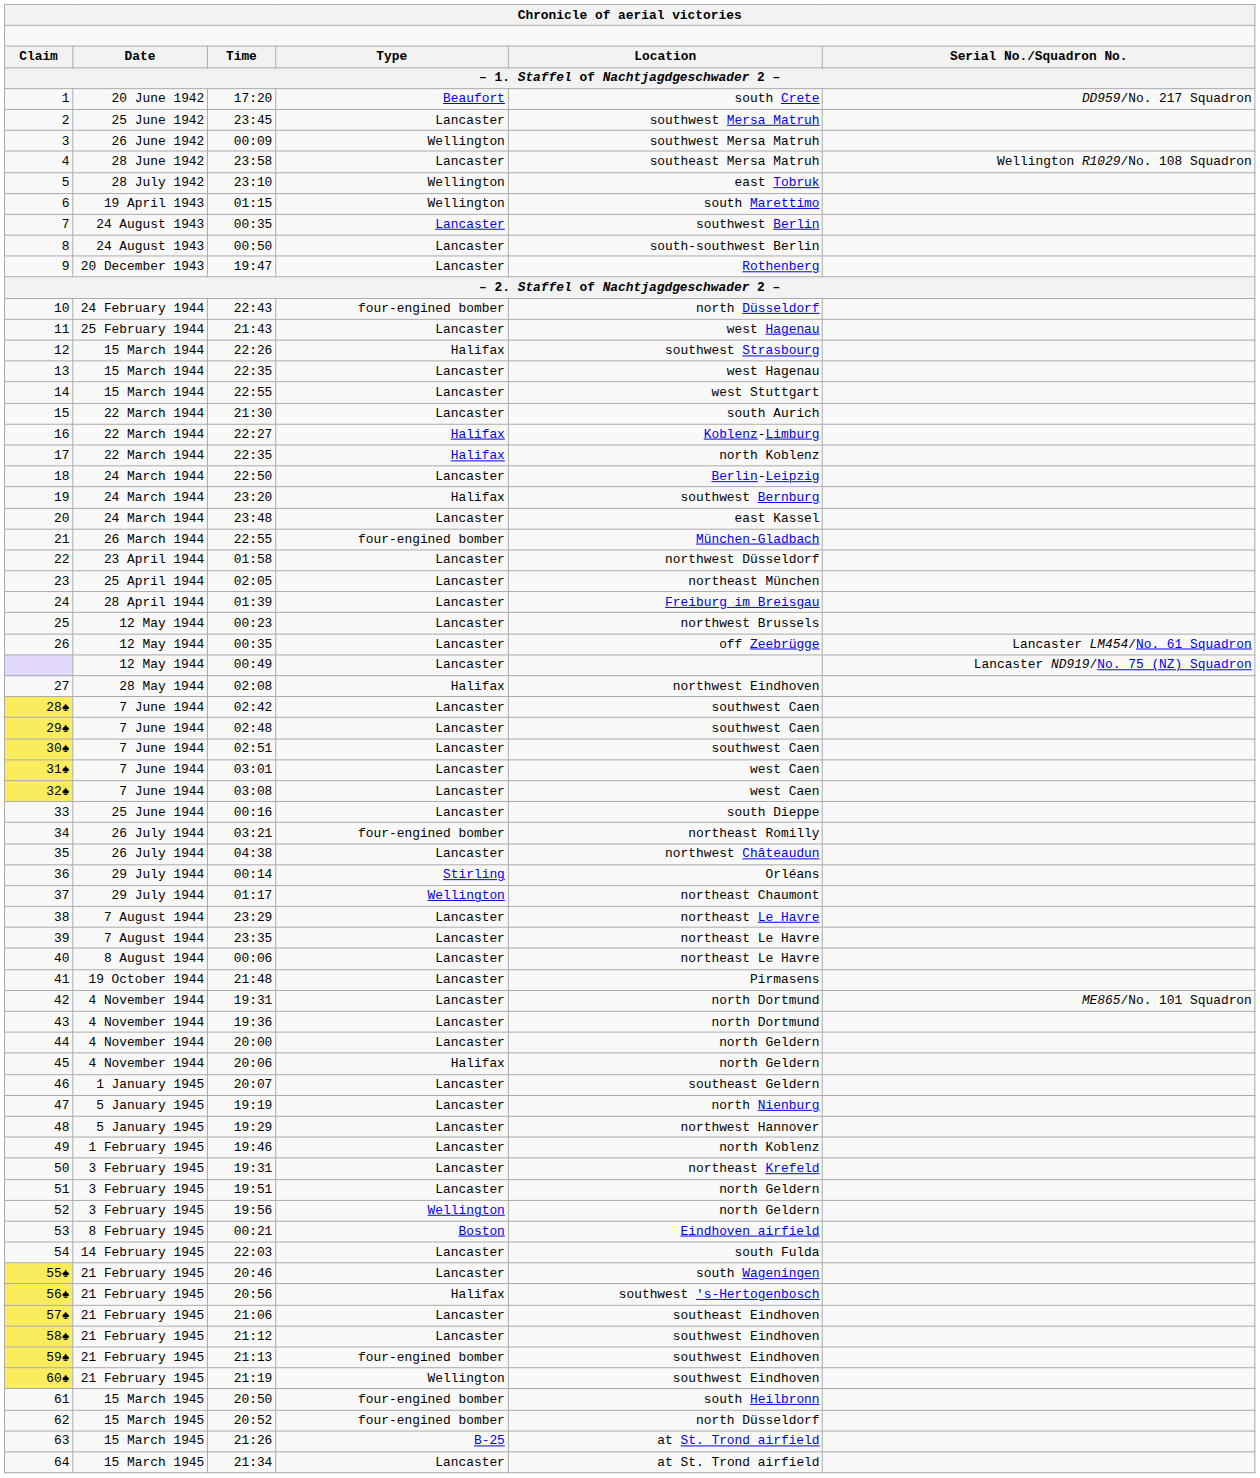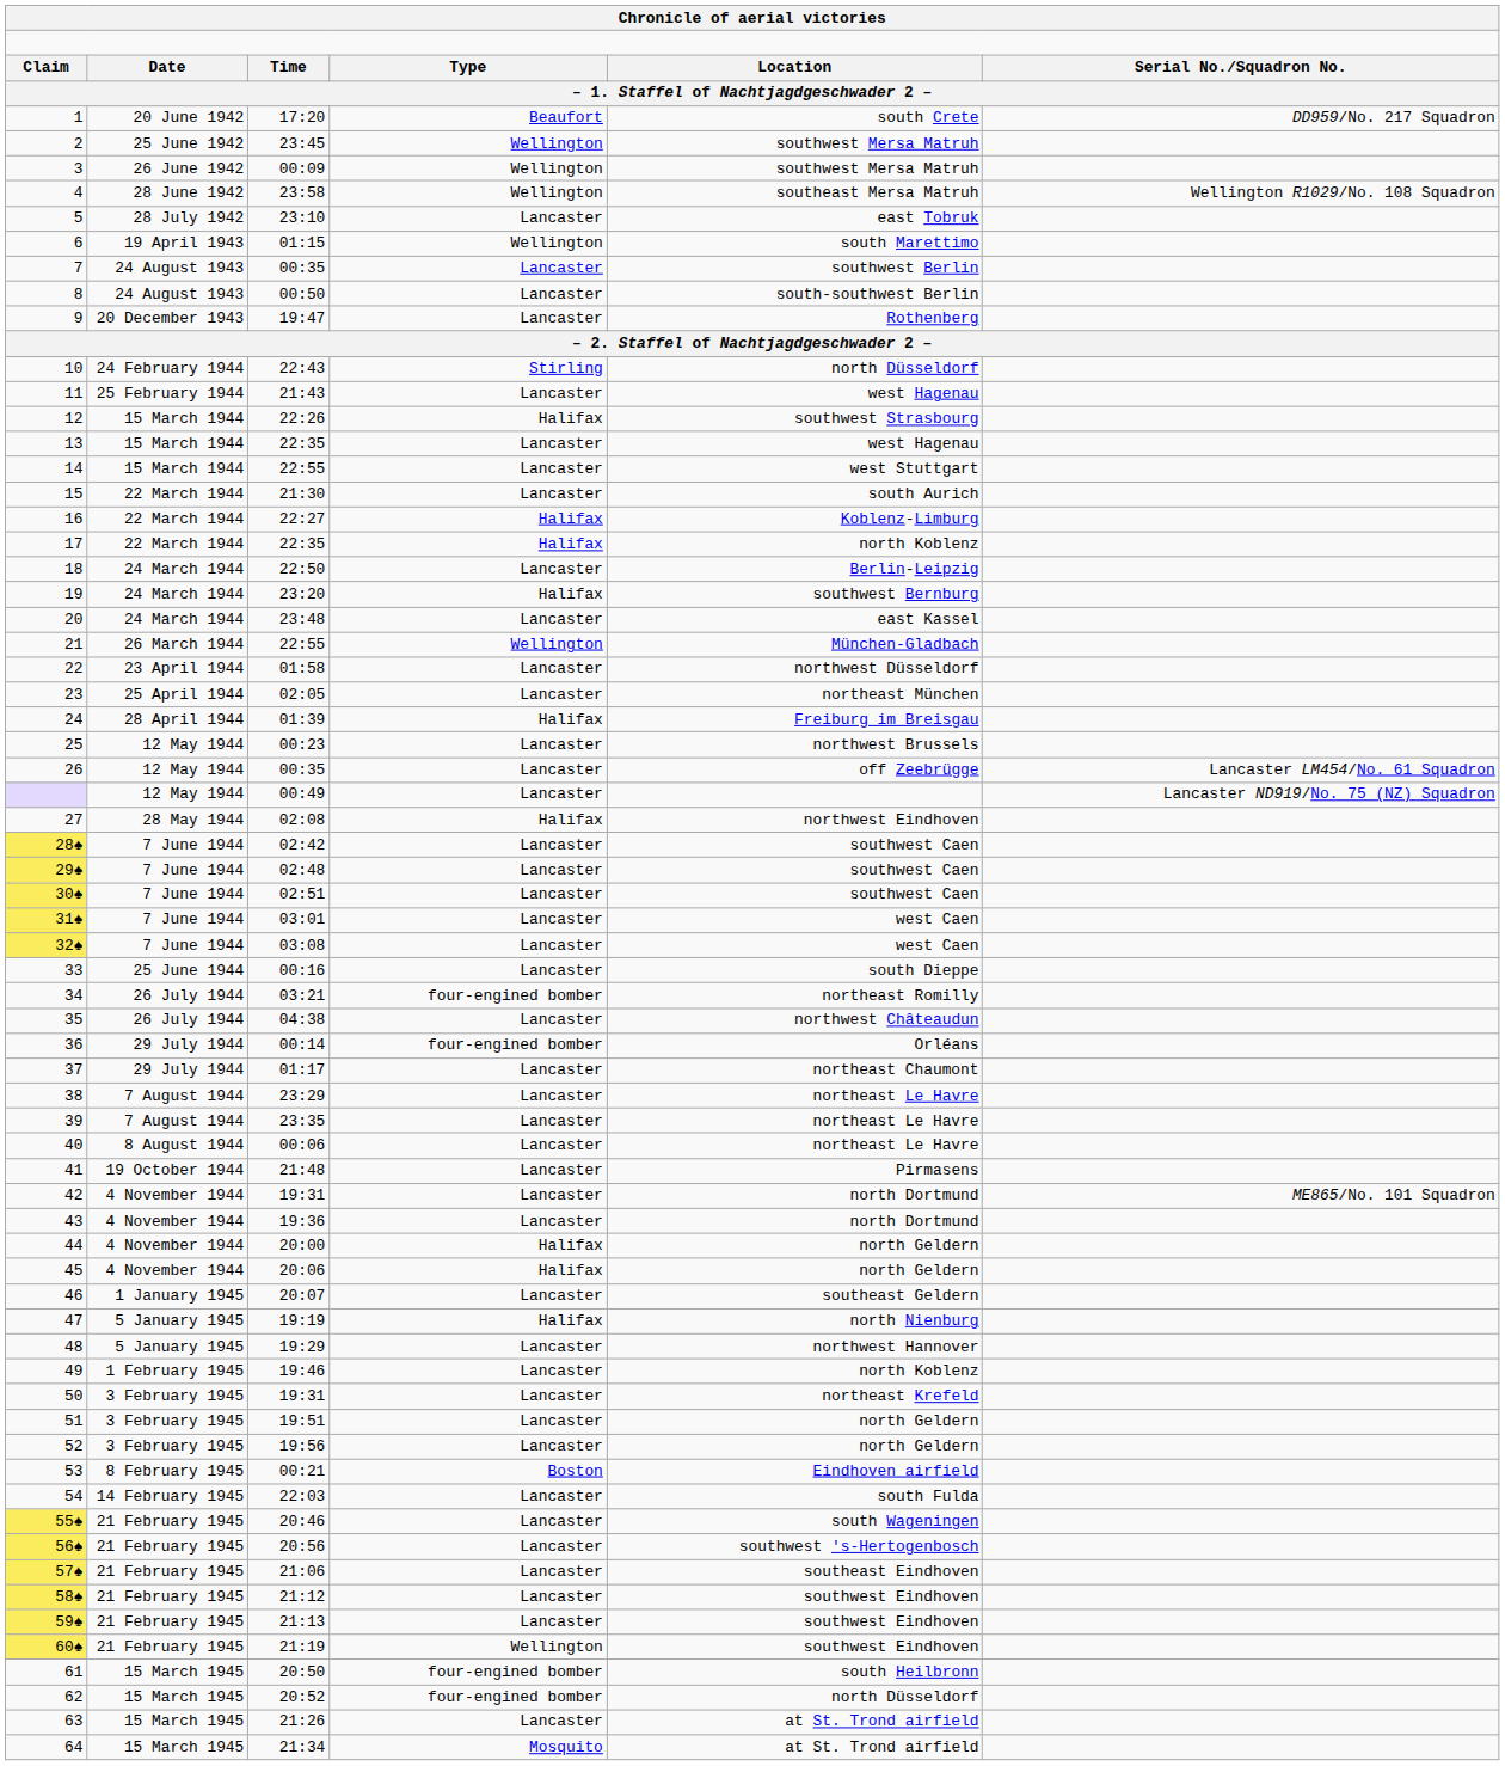 <table class="wikitable plainrowheaders collapsible" style="margin-left: auto; margin-right: auto; border: none; text-align:right; width: 100%;">
 <tr>
 <th colspan="7">Chronicle of aerial victories</th>
 </tr>
 <tr>
 <td colspan="7" style="text-align: left;"><br> </td>
 </tr>
 <tr>
 <th scope="col">Claim</th>
 <th scope="col" style="width:130px">Date</th>
 <th scope="col">Time</th>
 <th scope="col">Type</th>
 <th scope="col">Location</th>
 <th scope="col">Serial No./Squadron No.</th>
 </tr>
 <tr>
 <th colspan="6">– 1. <em>Staffel</em> of <em>Nachtjagdgeschwader</em> 2 –</th>
 </tr>
 <tr>
 <td>1</td>
 <td>20 June 1942</td>
 <td>17:20</td>
 <td><a href='#'>Beaufort</a></td>
 <td>south <a href='#'>Crete</a></td>
 <td><em>DD959</em>/No. 217 Squadron</td>
 </tr>
 <tr>
 <td>2</td>
 <td>25 June 1942</td>
 <td>23:45</td>
-<td>Lancaster</td>
+<td><a href='#'>Wellington</a></td>
 <td> southwest <a href='#'>Mersa Matruh</a></td>
 <td></td>
 </tr>
 <tr>
 <td>3</td>
 <td>26 June 1942</td>
 <td>00:09</td>
 <td>Wellington</td>
 <td> southwest Mersa Matruh</td>
 <td></td>
 </tr>
 <tr>
 <td>4</td>
 <td>28 June 1942</td>
 <td>23:58</td>
-<td>Lancaster</td>
+<td>Wellington</td>
 <td> southeast Mersa Matruh</td>
 <td>Wellington <em>R1029</em>/No. 108 Squadron</td>
 </tr>
 <tr>
 <td>5</td>
 <td>28 July 1942</td>
 <td>23:10</td>
-<td>Wellington</td>
+<td>Lancaster</td>
 <td>east <a href='#'>Tobruk</a></td>
 <td></td>
 </tr>
 <tr>
 <td>6</td>
 <td>19 April 1943</td>
 <td>01:15</td>
 <td>Wellington</td>
 <td>south <a href='#'>Marettimo</a></td>
 <td></td>
 </tr>
 <tr>
 <td>7</td>
 <td>24 August 1943</td>
 <td>00:35</td>
 <td><a href='#'>Lancaster</a></td>
 <td> southwest <a href='#'>Berlin</a></td>
 <td></td>
 </tr>
 <tr>
 <td>8</td>
 <td>24 August 1943</td>
 <td>00:50</td>
 <td>Lancaster</td>
 <td> south-southwest Berlin</td>
 <td></td>
 </tr>
 <tr>
 <td>9</td>
 <td>20 December 1943</td>
 <td>19:47</td>
 <td>Lancaster</td>
 <td><a href='#'>Rothenberg</a></td>
 <td></td>
 </tr>
 <tr>
 <th colspan="6">– 2. <em>Staffel</em> of <em>Nachtjagdgeschwader</em> 2 –</th>
 </tr>
 <tr>
 <td>10</td>
 <td>24 February 1944</td>
 <td>22:43</td>
-<td>four-engined bomber</td>
+<td><a href='#'>Stirling</a></td>
 <td>north <a href='#'>Düsseldorf</a></td>
 <td></td>
 </tr>
 <tr>
 <td>11</td>
 <td>25 February 1944</td>
 <td>21:43</td>
 <td>Lancaster</td>
 <td>west <a href='#'>Hagenau</a></td>
 <td></td>
 </tr>
 <tr>
 <td>12</td>
 <td>15 March 1944</td>
 <td>22:26</td>
 <td>Halifax</td>
 <td> southwest <a href='#'>Strasbourg</a></td>
 <td></td>
 </tr>
 <tr>
 <td>13</td>
 <td>15 March 1944</td>
 <td>22:35</td>
 <td>Lancaster</td>
 <td>west Hagenau</td>
 <td></td>
 </tr>
 <tr>
 <td>14</td>
 <td>15 March 1944</td>
 <td>22:55</td>
 <td>Lancaster</td>
 <td>west Stuttgart</td>
 <td></td>
 </tr>
 <tr>
 <td>15</td>
 <td>22 March 1944</td>
 <td>21:30</td>
 <td>Lancaster</td>
 <td>south Aurich</td>
 <td></td>
 </tr>
 <tr>
 <td>16</td>
 <td>22 March 1944</td>
 <td>22:27</td>
 <td><a href='#'>Halifax</a></td>
 <td><a href='#'>Koblenz</a>-<a href='#'>Limburg</a></td>
 <td></td>
 </tr>
 <tr>
 <td>17</td>
 <td>22 March 1944</td>
 <td>22:35</td>
 <td><a href='#'>Halifax</a></td>
 <td>north Koblenz</td>
 <td></td>
 </tr>
 <tr>
 <td>18</td>
 <td>24 March 1944</td>
 <td>22:50</td>
 <td>Lancaster</td>
 <td><a href='#'>Berlin</a>-<a href='#'>Leipzig</a></td>
 <td></td>
 </tr>
 <tr>
 <td>19</td>
 <td>24 March 1944</td>
 <td>23:20</td>
 <td>Halifax</td>
 <td>southwest <a href='#'>Bernburg</a></td>
 <td></td>
 </tr>
 <tr>
 <td>20</td>
 <td>24 March 1944</td>
 <td>23:48</td>
 <td>Lancaster</td>
 <td>east Kassel</td>
 <td></td>
 </tr>
 <tr>
 <td>21</td>
 <td>26 March 1944</td>
 <td>22:55</td>
-<td>four-engined bomber</td>
+<td><a href='#'>Wellington</a></td>
 <td><a href='#'>München-Gladbach</a></td>
 <td></td>
 </tr>
 <tr>
 <td>22</td>
 <td>23 April 1944</td>
 <td>01:58</td>
 <td>Lancaster</td>
 <td> northwest Düsseldorf</td>
 <td></td>
 </tr>
 <tr>
 <td>23</td>
 <td>25 April 1944</td>
 <td>02:05</td>
 <td>Lancaster</td>
 <td> northeast München</td>
 <td></td>
 </tr>
 <tr>
 <td>24</td>
 <td>28 April 1944</td>
 <td>01:39</td>
-<td>Lancaster</td>
+<td>Halifax</td>
 <td><a href='#'>Freiburg im Breisgau</a></td>
 <td></td>
 </tr>
 <tr>
 <td>25</td>
 <td>12 May 1944</td>
 <td>00:23</td>
 <td>Lancaster</td>
 <td> northwest Brussels</td>
 <td></td>
 </tr>
 <tr>
 <td>26</td>
 <td>12 May 1944</td>
 <td>00:35</td>
 <td>Lancaster</td>
 <td>off <a href='#'>Zeebrügge</a></td>
 <td>Lancaster <em>LM454</em>/<a href='#'>No. 61 Squadron</a></td>
 </tr>
 <tr>
 <td style="background:#e3d9ff;"></td>
 <td>12 May 1944</td>
 <td>00:49</td>
 <td>Lancaster</td>
 <td></td>
 <td>Lancaster <em>ND919</em>/<a href='#'>No. 75 (NZ) Squadron</a></td>
 </tr>
 <tr>
 <td>27</td>
 <td>28 May 1944</td>
 <td>02:08</td>
 <td>Halifax</td>
 <td> northwest Eindhoven</td>
 <td></td>
 </tr>
 <tr>
 <td style="background:#fbec5d;" align="right">28♠</td>
 <td>7 June 1944</td>
 <td>02:42</td>
 <td>Lancaster</td>
 <td> southwest Caen</td>
 <td></td>
 </tr>
 <tr>
 <td style="background:#fbec5d;" align="right">29♠</td>
 <td>7 June 1944</td>
 <td>02:48</td>
 <td>Lancaster</td>
 <td> southwest Caen</td>
 <td></td>
 </tr>
 <tr>
 <td style="background:#fbec5d;" align="right">30♠</td>
 <td>7 June 1944</td>
 <td>02:51</td>
 <td>Lancaster</td>
 <td>southwest Caen</td>
 <td></td>
 </tr>
 <tr>
 <td style="background:#fbec5d;" align="right">31♠</td>
 <td>7 June 1944</td>
 <td>03:01</td>
 <td>Lancaster</td>
 <td>west Caen</td>
 <td></td>
 </tr>
 <tr>
 <td style="background:#fbec5d;" align="right">32♠</td>
 <td>7 June 1944</td>
 <td>03:08</td>
 <td>Lancaster</td>
 <td>west Caen</td>
 <td></td>
 </tr>
 <tr>
 <td>33</td>
 <td>25 June 1944</td>
 <td>00:16</td>
 <td>Lancaster</td>
 <td>south Dieppe</td>
 <td></td>
 </tr>
 <tr>
 <td>34</td>
 <td>26 July 1944</td>
 <td>03:21</td>
 <td>four-engined bomber</td>
 <td>northeast Romilly</td>
 <td></td>
 </tr>
 <tr>
 <td>35</td>
 <td>26 July 1944</td>
 <td>04:38</td>
 <td>Lancaster</td>
 <td>northwest <a href='#'>Châteaudun</a></td>
 <td></td>
 </tr>
 <tr>
 <td>36</td>
 <td>29 July 1944</td>
 <td>00:14</td>
-<td><a href='#'>Stirling</a></td>
+<td>four-engined bomber</td>
 <td>Orléans</td>
 <td></td>
 </tr>
 <tr>
 <td>37</td>
 <td>29 July 1944</td>
 <td>01:17</td>
-<td><a href='#'>Wellington</a></td>
+<td>Lancaster</td>
 <td> northeast Chaumont</td>
 <td></td>
 </tr>
 <tr>
 <td>38</td>
 <td>7 August 1944</td>
 <td>23:29</td>
 <td>Lancaster</td>
 <td>northeast <a href='#'>Le Havre</a></td>
 <td></td>
 </tr>
 <tr>
 <td>39</td>
 <td>7 August 1944</td>
 <td>23:35</td>
 <td>Lancaster</td>
 <td>northeast Le Havre</td>
 <td></td>
 </tr>
 <tr>
 <td>40</td>
 <td>8 August 1944</td>
 <td>00:06</td>
 <td>Lancaster</td>
 <td>northeast Le Havre</td>
 <td></td>
 </tr>
 <tr>
 <td>41</td>
 <td>19 October 1944</td>
 <td>21:48</td>
 <td>Lancaster</td>
 <td>Pirmasens</td>
 <td></td>
 </tr>
 <tr>
 <td>42</td>
 <td>4 November 1944</td>
 <td>19:31</td>
 <td>Lancaster</td>
 <td>north Dortmund</td>
 <td><em>ME865</em>/No. 101 Squadron</td>
 </tr>
 <tr>
 <td>43</td>
 <td>4 November 1944</td>
 <td>19:36</td>
 <td>Lancaster</td>
 <td>north Dortmund</td>
 <td></td>
 </tr>
 <tr>
 <td>44</td>
 <td>4 November 1944</td>
 <td>20:00</td>
-<td>Lancaster</td>
+<td>Halifax</td>
 <td>north Geldern</td>
 <td></td>
 </tr>
 <tr>
 <td>45</td>
 <td>4 November 1944</td>
 <td>20:06</td>
 <td>Halifax</td>
 <td>north Geldern</td>
 <td></td>
 </tr>
 <tr>
 <td>46</td>
 <td>1 January 1945</td>
 <td>20:07</td>
 <td>Lancaster</td>
 <td>southeast Geldern</td>
 <td></td>
 </tr>
 <tr>
 <td>47</td>
 <td>5 January 1945</td>
 <td>19:19</td>
-<td>Lancaster</td>
+<td>Halifax</td>
 <td>north <a href='#'>Nienburg</a></td>
 <td></td>
 </tr>
 <tr>
 <td>48</td>
 <td>5 January 1945</td>
 <td>19:29</td>
 <td>Lancaster</td>
 <td>northwest Hannover</td>
 <td></td>
 </tr>
 <tr>
 <td>49</td>
 <td>1 February 1945</td>
 <td>19:46</td>
 <td>Lancaster</td>
 <td>north Koblenz</td>
 <td></td>
 </tr>
 <tr>
 <td>50</td>
 <td>3 February 1945</td>
 <td>19:31</td>
 <td>Lancaster</td>
 <td>northeast <a href='#'>Krefeld</a></td>
 <td></td>
 </tr>
 <tr>
 <td>51</td>
 <td>3 February 1945</td>
 <td>19:51</td>
 <td>Lancaster</td>
 <td>north Geldern</td>
 <td></td>
 </tr>
 <tr>
 <td>52</td>
 <td>3 February 1945</td>
 <td>19:56</td>
-<td><a href='#'>Wellington</a></td>
+<td>Lancaster</td>
 <td>north Geldern</td>
 <td></td>
 </tr>
 <tr>
 <td>53</td>
 <td>8 February 1945</td>
 <td>00:21</td>
 <td><a href='#'>Boston</a></td>
 <td><a href='#'>Eindhoven airfield</a></td>
 <td></td>
 </tr>
 <tr>
 <td>54</td>
 <td>14 February 1945</td>
 <td>22:03</td>
 <td>Lancaster</td>
 <td>south Fulda</td>
 <td></td>
 </tr>
 <tr>
 <td style="background:#fbec5d;" align="right">55♠</td>
 <td>21 February 1945</td>
 <td>20:46</td>
 <td>Lancaster</td>
 <td>south <a href='#'>Wageningen</a></td>
 <td></td>
 </tr>
 <tr>
 <td style="background:#fbec5d;" align="right">56♠</td>
 <td>21 February 1945</td>
 <td>20:56</td>
-<td>Halifax</td>
+<td>Lancaster</td>
 <td>southwest <a href='#'>'s-Hertogenbosch</a></td>
 <td></td>
 </tr>
 <tr>
 <td style="background:#fbec5d;" align="right">57♠</td>
 <td>21 February 1945</td>
 <td>21:06</td>
 <td>Lancaster</td>
 <td>southeast Eindhoven</td>
 <td></td>
 </tr>
 <tr>
 <td style="background:#fbec5d;" align="right">58♠</td>
 <td>21 February 1945</td>
 <td>21:12</td>
 <td>Lancaster</td>
 <td>southwest Eindhoven</td>
 <td></td>
 </tr>
 <tr>
 <td style="background:#fbec5d;" align="right">59♠</td>
 <td>21 February 1945</td>
 <td>21:13</td>
-<td>four-engined bomber</td>
+<td>Lancaster</td>
 <td>southwest Eindhoven</td>
 <td></td>
 </tr>
 <tr>
 <td style="background:#fbec5d;" align="right">60♠</td>
 <td>21 February 1945</td>
 <td>21:19</td>
 <td>Wellington</td>
 <td>southwest Eindhoven</td>
 <td></td>
 </tr>
 <tr>
 <td>61</td>
 <td>15 March 1945</td>
 <td>20:50</td>
 <td>four-engined bomber</td>
 <td>south <a href='#'>Heilbronn</a></td>
 <td></td>
 </tr>
 <tr>
 <td>62</td>
 <td>15 March 1945</td>
 <td>20:52</td>
 <td>four-engined bomber</td>
 <td>north Düsseldorf</td>
 <td></td>
 </tr>
 <tr>
 <td>63</td>
 <td>15 March 1945</td>
 <td>21:26</td>
-<td><a href='#'>B-25</a></td>
+<td>Lancaster</td>
 <td>at <a href='#'>St. Trond airfield</a></td>
 <td></td>
 </tr>
 <tr>
 <td>64</td>
 <td>15 March 1945</td>
 <td>21:34</td>
-<td>Lancaster</td>
+<td><a href='#'>Mosquito</a></td>
 <td>at St. Trond airfield</td>
 <td></td>
 </tr>
 </table>
